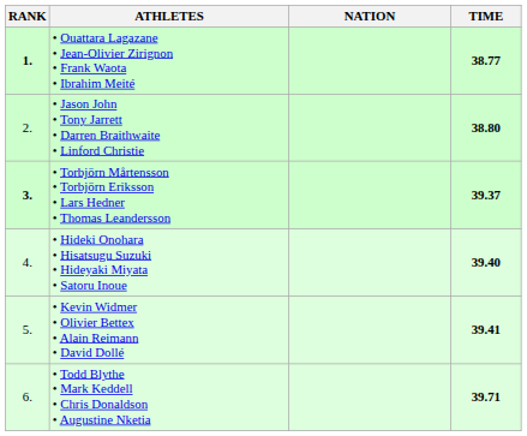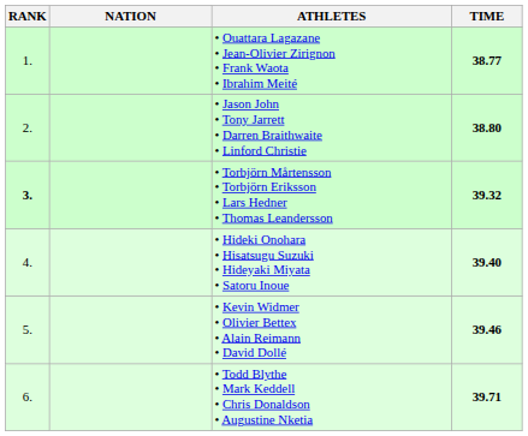 <table class="wikitable" style="border-collapse: collapse; font-size: 90%;">
 <tr>
 <th>RANK</th>
+<th style="width: 12em">NATION</th>
 <th style="width: 18em">ATHLETES</th>
-<th style="width: 12em">NATION</th>
 <th style="width: 5em">TIME</th>
 </tr>
 <tr style="background:#ccffcc;">
-<td align="center"><strong>1.</strong></td>
+<td align="center">1.</td>
+<td align="center"></td>
 <td>• <a href='#'>Ouattara Lagazane</a><br>• <a href='#'>Jean-Olivier Zirignon</a><br>• <a href='#'>Frank Waota</a><br>• <a href='#'>Ibrahim Meité</a></td>
-<td align="center"></td>
 <td align="center"><strong>38.77</strong></td>
 </tr>
 <tr style="background:#ccffcc;">
 <td align="center">2.</td>
+<td align="center"></td>
 <td>• <a href='#'>Jason John</a><br>• <a href='#'>Tony Jarrett</a><br>• <a href='#'>Darren Braithwaite</a><br>• <a href='#'>Linford Christie</a></td>
-<td align="center"></td>
 <td align="center"><strong>38.80</strong></td>
 </tr>
 <tr style="background:#ccffcc;">
 <td align="center"><strong>3.</strong></td>
+<td align="center"></td>
 <td>• <a href='#'>Torbjörn Mårtensson</a><br>• <a href='#'>Torbjörn Eriksson</a><br>• <a href='#'>Lars Hedner</a><br>• <a href='#'>Thomas Leandersson</a></td>
-<td align="center"></td>
-<td align="center"><strong>39.37</strong></td>
+<td align="center"><strong>39.32</strong></td>
 </tr>
 <tr style="background:#ddffdd;">
 <td align="center">4.</td>
+<td align="center"></td>
 <td>• <a href='#'>Hideki Onohara</a><br>• <a href='#'>Hisatsugu Suzuki</a><br>• <a href='#'>Hideyaki Miyata</a><br>• <a href='#'>Satoru Inoue</a></td>
-<td align="center"></td>
 <td align="center"><strong>39.40</strong></td>
 </tr>
 <tr style="background:#ddffdd;">
 <td align="center">5.</td>
+<td align="center"></td>
 <td>• <a href='#'>Kevin Widmer</a><br>• <a href='#'>Olivier Bettex</a><br>• <a href='#'>Alain Reimann</a><br>• <a href='#'>David Dollé</a></td>
-<td align="center"></td>
-<td align="center"><strong>39.41</strong></td>
+<td align="center"><strong>39.46</strong></td>
 </tr>
 <tr style="background:#ddffdd;">
 <td align="center">6.</td>
+<td align="center"></td>
 <td>• <a href='#'>Todd Blythe</a><br>• <a href='#'>Mark Keddell</a><br>• <a href='#'>Chris Donaldson</a><br>• <a href='#'>Augustine Nketia</a></td>
-<td align="center"></td>
 <td align="center"><strong>39.71</strong></td>
 </tr>
 </table>
